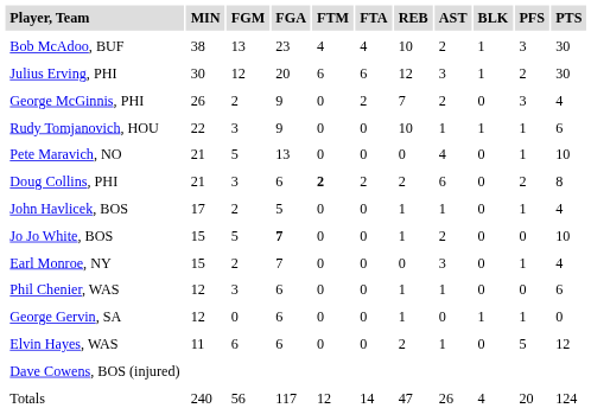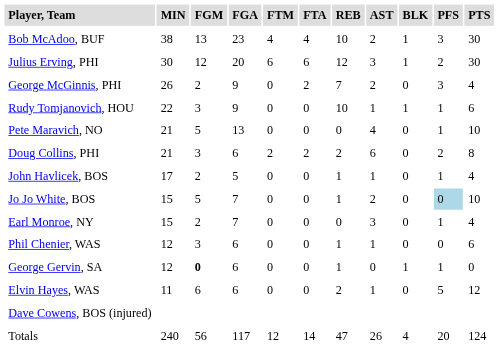 <table cellpadding=5>
 <tr bgcolor="#dddddd">
 <td><strong>Player, Team</strong></td>
 <td><strong>MIN</strong></td>
 <td><strong>FGM</strong></td>
 <td><strong>FGA</strong></td>
 <td><strong>FTM</strong></td>
 <td><strong>FTA</strong></td>
 <td><strong>REB</strong></td>
 <td><strong>AST</strong></td>
 <td><strong>BLK</strong></td>
 <td><strong>PFS</strong></td>
 <td><strong>PTS</strong></td>
 </tr>
 <tr bgcolor="#eeeeee">
 </tr>
 <tr>
 <td><a href='#'>Bob McAdoo</a>, BUF</td>
 <td>38</td>
 <td>13</td>
 <td>23</td>
 <td>4</td>
 <td>4</td>
 <td>10</td>
 <td>2</td>
 <td>1</td>
 <td>3</td>
 <td>30</td>
 </tr>
 <tr>
 <td><a href='#'>Julius Erving</a>, PHI</td>
 <td>30</td>
 <td>12</td>
 <td>20</td>
 <td>6</td>
 <td>6</td>
 <td>12</td>
 <td>3</td>
 <td>1</td>
 <td>2</td>
 <td>30</td>
 </tr>
 <tr>
 <td><a href='#'>George McGinnis</a>, PHI</td>
 <td>26</td>
 <td>2</td>
 <td>9</td>
 <td>0</td>
 <td>2</td>
 <td>7</td>
 <td>2</td>
 <td>0</td>
 <td>3</td>
 <td>4</td>
 </tr>
 <tr>
 <td><a href='#'>Rudy Tomjanovich</a>, HOU</td>
 <td>22</td>
 <td>3</td>
 <td>9</td>
 <td>0</td>
 <td>0</td>
 <td>10</td>
 <td>1</td>
 <td>1</td>
 <td>1</td>
 <td>6</td>
 </tr>
 <tr>
 <td><a href='#'>Pete Maravich</a>, NO</td>
 <td>21</td>
 <td>5</td>
 <td>13</td>
 <td>0</td>
 <td>0</td>
 <td>0</td>
 <td>4</td>
 <td>0</td>
 <td>1</td>
 <td>10</td>
 </tr>
 <tr>
 <td><a href='#'>Doug Collins</a>, PHI</td>
 <td>21</td>
 <td>3</td>
 <td>6</td>
-<td><strong>2</strong></td>
+<td>2</td>
 <td>2</td>
 <td>2</td>
 <td>6</td>
 <td>0</td>
 <td>2</td>
 <td>8</td>
 </tr>
 <tr>
 <td><a href='#'>John Havlicek</a>, BOS</td>
 <td>17</td>
 <td>2</td>
 <td>5</td>
 <td>0</td>
 <td>0</td>
 <td>1</td>
 <td>1</td>
 <td>0</td>
 <td>1</td>
 <td>4</td>
 </tr>
 <tr>
 <td><a href='#'>Jo Jo White</a>, BOS</td>
 <td>15</td>
 <td>5</td>
-<td><strong>7</strong></td>
+<td>7</td>
 <td>0</td>
 <td>0</td>
 <td>1</td>
 <td>2</td>
 <td>0</td>
-<td>0</td>
+<td style="background: lightblue;">0</td>
 <td>10</td>
 </tr>
 <tr>
 <td><a href='#'>Earl Monroe</a>, NY</td>
 <td>15</td>
 <td>2</td>
 <td>7</td>
 <td>0</td>
 <td>0</td>
 <td>0</td>
 <td>3</td>
 <td>0</td>
 <td>1</td>
 <td>4</td>
 </tr>
 <tr>
 <td><a href='#'>Phil Chenier</a>, WAS</td>
 <td>12</td>
 <td>3</td>
 <td>6</td>
 <td>0</td>
 <td>0</td>
 <td>1</td>
 <td>1</td>
 <td>0</td>
 <td>0</td>
 <td>6</td>
 </tr>
 <tr>
 <td><a href='#'>George Gervin</a>, SA</td>
 <td>12</td>
-<td>0</td>
+<td><strong>0</strong></td>
 <td>6</td>
 <td>0</td>
 <td>0</td>
 <td>1</td>
 <td>0</td>
 <td>1</td>
 <td>1</td>
 <td>0</td>
 </tr>
 <tr>
 <td><a href='#'>Elvin Hayes</a>, WAS</td>
 <td>11</td>
 <td>6</td>
 <td>6</td>
 <td>0</td>
 <td>0</td>
 <td>2</td>
 <td>1</td>
 <td>0</td>
 <td>5</td>
 <td>12</td>
 </tr>
 <tr>
 <td><a href='#'>Dave Cowens</a>, BOS (injured)</td>
 </tr>
 <tr>
 <td>Totals</td>
 <td>240</td>
 <td>56</td>
 <td>117</td>
 <td>12</td>
 <td>14</td>
 <td>47</td>
 <td>26</td>
 <td>4</td>
 <td>20</td>
 <td>124</td>
 </tr>
 <tr>
 </tr>
 </table>
